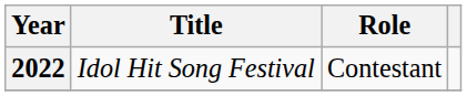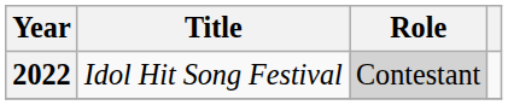 <table class="wikitable  plainrowheaders">
 <tr>
 <th scope="col">Year</th>
 <th scope="col">Title</th>
 <th scope="col">Role</th>
 <th scope="col" class="unsortable"></th>
 </tr>
 <tr>
 <th scope="row">2022</th>
 <td><em>Idol Hit Song Festival</em></td>
-<td>Contestant</td>
+<td style="background: lightgrey;">Contestant</td>
 <td style="text-align"></td>
 </tr>
 <tr>
 </tr>
 </table>
